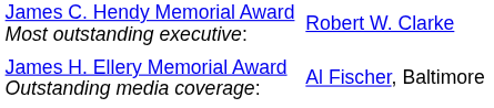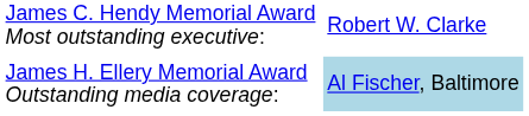 <table cellpadding="3" cellspacing="3">
 <tr>
 <td><a href='#'>James C. Hendy Memorial Award</a><br><em>Most outstanding executive</em>:</td>
 <td><a href='#'>Robert W. Clarke</a></td>
 </tr>
 <tr>
 <td><a href='#'>James H. Ellery Memorial Award</a> <br><em>Outstanding media coverage</em>:</td>
-<td><a href='#'>Al Fischer</a>, Baltimore</td>
+<td style="background: lightblue;"><a href='#'>Al Fischer</a>, Baltimore</td>
 </tr>
 </table>
